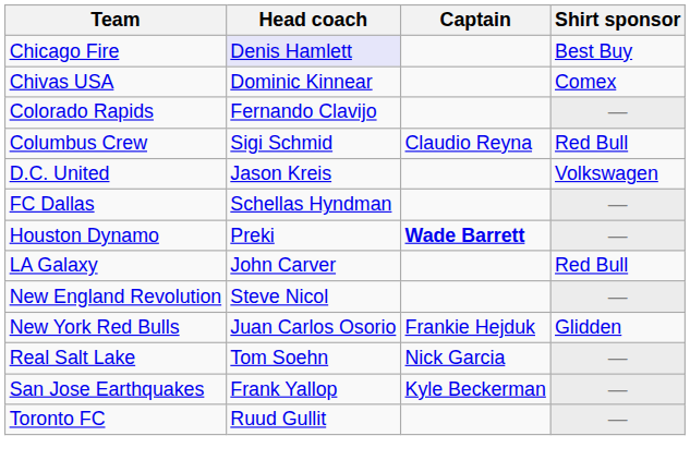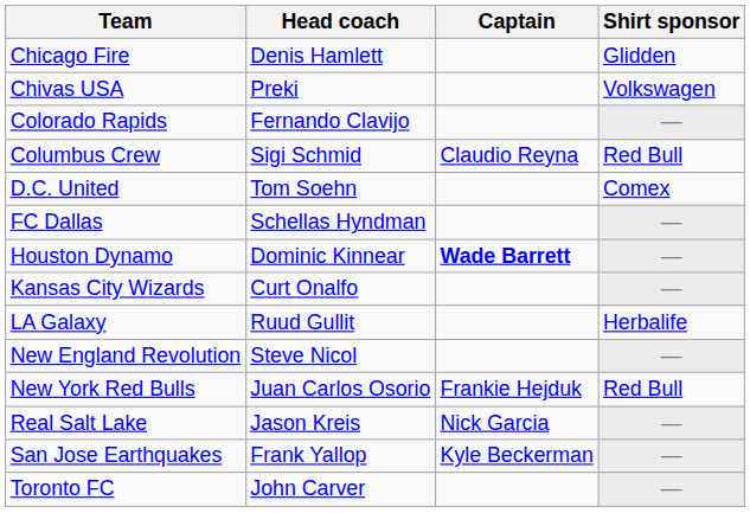 <table class="wikitable sortable" style="text-align: left;">
 <tr>
 <th>Team</th>
 <th>Head coach</th>
 <th>Captain</th>
 <th>Shirt sponsor</th>
 </tr>
 <tr>
 <td><a href='#'>Chicago Fire</a></td>
-<td style="background: lavender;"> <a href='#'>Denis Hamlett</a></td>
+<td> <a href='#'>Denis Hamlett</a></td>
 <td></td>
-<td><a href='#'>Best Buy</a></td>
+<td><a href='#'>Glidden</a></td>
 </tr>
 <tr>
 <td><a href='#'>Chivas USA</a></td>
-<td> <a href='#'>Dominic Kinnear</a></td>
+<td> <a href='#'>Preki</a></td>
 <td></td>
-<td><a href='#'>Comex</a></td>
+<td><a href='#'>Volkswagen</a></td>
 </tr>
 <tr>
 <td><a href='#'>Colorado Rapids</a></td>
 <td> <a href='#'>Fernando Clavijo</a></td>
 <td></td>
 <td align="center" colspan="1" style="background:#ececec; color:gray">—</td>
 </tr>
 <tr>
 <td><a href='#'>Columbus Crew</a></td>
 <td> <a href='#'>Sigi Schmid</a></td>
 <td> <a href='#'>Claudio Reyna</a></td>
 <td><a href='#'>Red Bull</a></td>
 </tr>
 <tr>
 <td><a href='#'>D.C. United</a></td>
-<td> <a href='#'>Jason Kreis</a></td>
+<td> <a href='#'>Tom Soehn</a></td>
 <td></td>
-<td><a href='#'>Volkswagen</a></td>
+<td><a href='#'>Comex</a></td>
 </tr>
 <tr>
 <td><a href='#'>FC Dallas</a></td>
 <td> <a href='#'>Schellas Hyndman</a></td>
 <td></td>
 <td align="center" colspan="1" style="background:#ececec; color:gray">—</td>
 </tr>
 <tr>
 <td><a href='#'>Houston Dynamo</a></td>
-<td> <a href='#'>Preki</a></td>
+<td> <a href='#'>Dominic Kinnear</a></td>
 <td><strong> <a href='#'>Wade Barrett</a></strong></td>
 <td align="center" colspan="1" style="background:#ececec; color:gray">—</td>
 </tr>
 <tr>
+<td><a href='#'>Kansas City Wizards</a></td>
+<td> <a href='#'>Curt Onalfo</a></td>
+<td></td>
+<td align="center" colspan="1" style="background:#ececec; color:gray">—</td>
+</tr>
+<tr>
 <td><a href='#'>LA Galaxy</a></td>
-<td> <a href='#'>John Carver</a></td>
+<td> <a href='#'>Ruud Gullit</a></td>
 <td></td>
-<td><a href='#'>Red Bull</a></td>
+<td><a href='#'>Herbalife</a></td>
 </tr>
 <tr>
 <td><a href='#'>New England Revolution</a></td>
 <td> <a href='#'>Steve Nicol</a></td>
 <td></td>
 <td align="center" colspan="1" style="background:#ececec; color:gray">—</td>
 </tr>
 <tr>
 <td><a href='#'>New York Red Bulls</a></td>
 <td> <a href='#'>Juan Carlos Osorio</a></td>
 <td> <a href='#'>Frankie Hejduk</a></td>
-<td><a href='#'>Glidden</a></td>
+<td><a href='#'>Red Bull</a></td>
 </tr>
 <tr>
 <td><a href='#'>Real Salt Lake</a></td>
-<td> <a href='#'>Tom Soehn</a></td>
+<td> <a href='#'>Jason Kreis</a></td>
 <td> <a href='#'>Nick Garcia</a></td>
 <td align="center" colspan="1" style="background:#ececec; color:gray">—</td>
 </tr>
 <tr>
 <td><a href='#'>San Jose Earthquakes</a></td>
 <td> <a href='#'>Frank Yallop</a></td>
 <td> <a href='#'>Kyle Beckerman</a></td>
 <td align="center" colspan="1" style="background:#ececec; color:gray">—</td>
 </tr>
 <tr>
 <td><a href='#'>Toronto FC</a></td>
-<td> <a href='#'>Ruud Gullit</a></td>
+<td> <a href='#'>John Carver</a></td>
 <td></td>
 <td align="center" colspan="1" style="background:#ececec; color:gray">—</td>
 </tr>
 </table>
